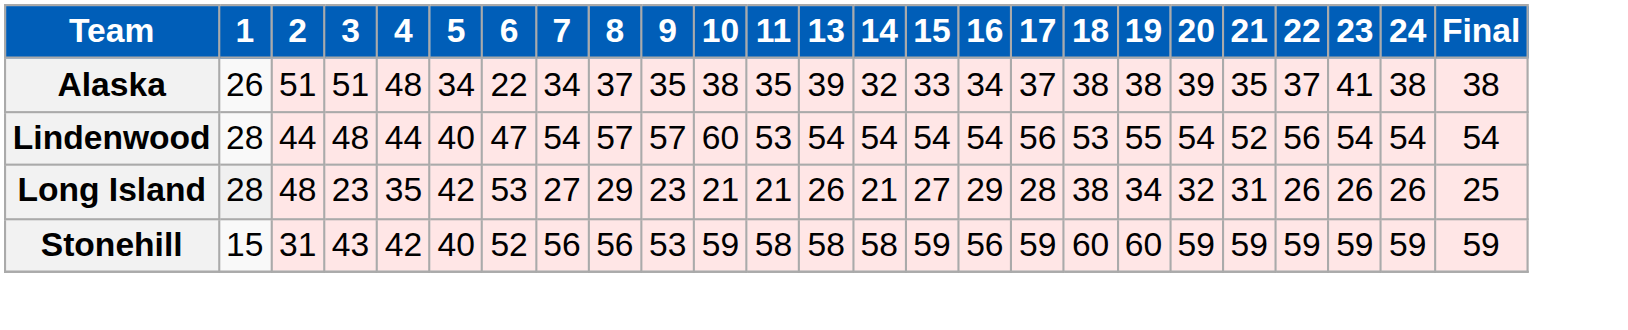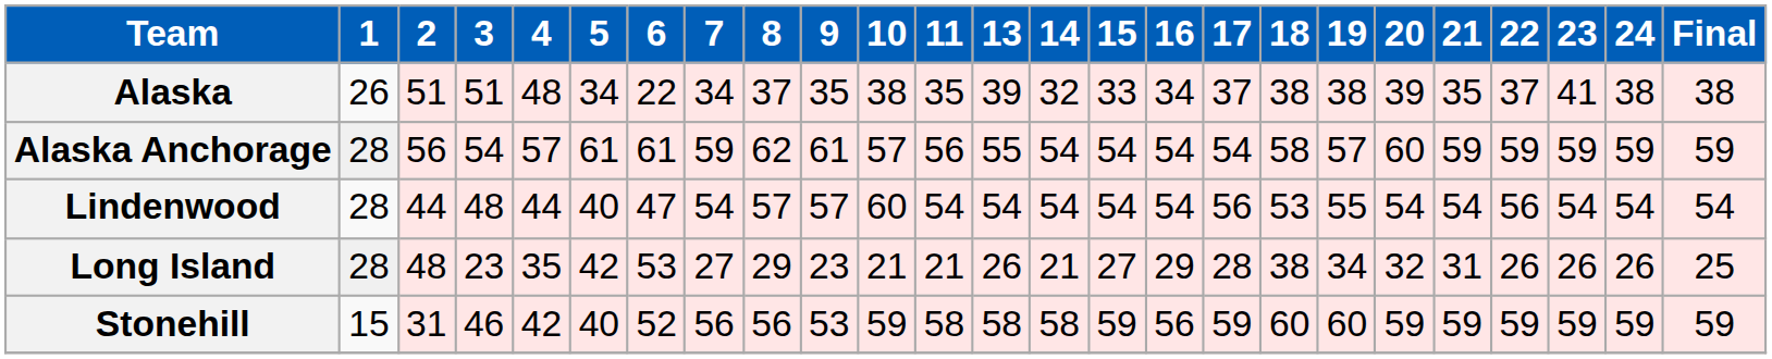 <table class="wikitable sortable" style="text-align: center;">
 <tr>
 <th style="color:white; background:#005EB8">Team</th>
 <th style="color:white; background:#005EB8">1</th>
 <th style="color:white; background:#005EB8">2</th>
 <th style="color:white; background:#005EB8">3</th>
 <th style="color:white; background:#005EB8">4</th>
 <th style="color:white; background:#005EB8">5</th>
 <th style="color:white; background:#005EB8">6</th>
 <th style="color:white; background:#005EB8">7</th>
 <th style="color:white; background:#005EB8">8</th>
 <th style="color:white; background:#005EB8">9</th>
 <th style="color:white; background:#005EB8">10</th>
 <th style="color:white; background:#005EB8">11</th>
 <th style="color:white; background:#005EB8">13</th>
 <th style="color:white; background:#005EB8">14</th>
 <th style="color:white; background:#005EB8">15</th>
 <th style="color:white; background:#005EB8">16</th>
 <th style="color:white; background:#005EB8">17</th>
 <th style="color:white; background:#005EB8">18</th>
 <th style="color:white; background:#005EB8">19</th>
 <th style="color:white; background:#005EB8">20</th>
 <th style="color:white; background:#005EB8">21</th>
 <th style="color:white; background:#005EB8">22</th>
 <th style="color:white; background:#005EB8">23</th>
 <th style="color:white; background:#005EB8">24</th>
 <th style="color:white; background:#005EB8">Final</th>
 </tr>
 <tr>
 <th>Alaska</th>
 <td>26</td>
 <td bgcolor=FFE6E6>51</td>
 <td bgcolor=FFE6E6>51</td>
 <td bgcolor=FFE6E6>48</td>
 <td bgcolor=FFE6E6>34</td>
 <td bgcolor=FFE6E6>22</td>
 <td bgcolor=FFE6E6>34</td>
 <td bgcolor=FFE6E6>37</td>
 <td bgcolor=FFE6E6>35</td>
 <td bgcolor=FFE6E6>38</td>
 <td bgcolor=FFE6E6>35</td>
 <td bgcolor=FFE6E6>39</td>
 <td bgcolor=FFE6E6>32</td>
 <td bgcolor=FFE6E6>33</td>
 <td bgcolor=FFE6E6>34</td>
 <td bgcolor=FFE6E6>37</td>
 <td bgcolor=FFE6E6>38</td>
 <td bgcolor=FFE6E6>38</td>
 <td bgcolor=FFE6E6>39</td>
 <td bgcolor=FFE6E6>35</td>
 <td bgcolor=FFE6E6>37</td>
 <td bgcolor=FFE6E6>41</td>
 <td bgcolor=FFE6E6>38</td>
 <td bgcolor=FFE6E6>38</td>
 </tr>
+<tr bgcolor=f0f0f0>
+<th>Alaska Anchorage</th>
+<td>28</td>
+<td bgcolor=FFE6E6>56</td>
+<td bgcolor=FFE6E6>54</td>
+<td bgcolor=FFE6E6>57</td>
+<td bgcolor=FFE6E6>61</td>
+<td bgcolor=FFE6E6>61</td>
+<td bgcolor=FFE6E6>59</td>
+<td bgcolor=FFE6E6>62</td>
+<td bgcolor=FFE6E6>61</td>
+<td bgcolor=FFE6E6>57</td>
+<td bgcolor=FFE6E6>56</td>
+<td bgcolor=FFE6E6>55</td>
+<td bgcolor=FFE6E6>54</td>
+<td bgcolor=FFE6E6>54</td>
+<td bgcolor=FFE6E6>54</td>
+<td bgcolor=FFE6E6>54</td>
+<td bgcolor=FFE6E6>58</td>
+<td bgcolor=FFE6E6>57</td>
+<td bgcolor=FFE6E6>60</td>
+<td bgcolor=FFE6E6>59</td>
+<td bgcolor=FFE6E6>59</td>
+<td bgcolor=FFE6E6>59</td>
+<td bgcolor=FFE6E6>59</td>
+<td bgcolor=FFE6E6>59</td>
+</tr>
 <tr>
 <th>Lindenwood</th>
 <td>28</td>
 <td bgcolor=FFE6E6>44</td>
 <td bgcolor=FFE6E6>48</td>
 <td bgcolor=FFE6E6>44</td>
 <td bgcolor=FFE6E6>40</td>
 <td bgcolor=FFE6E6>47</td>
 <td bgcolor=FFE6E6>54</td>
 <td bgcolor=FFE6E6>57</td>
 <td bgcolor=FFE6E6>57</td>
 <td bgcolor=FFE6E6>60</td>
-<td bgcolor=FFE6E6>53</td>
+<td bgcolor=FFE6E6>54</td>
 <td bgcolor=FFE6E6>54</td>
 <td bgcolor=FFE6E6>54</td>
 <td bgcolor=FFE6E6>54</td>
 <td bgcolor=FFE6E6>54</td>
 <td bgcolor=FFE6E6>56</td>
 <td bgcolor=FFE6E6>53</td>
 <td bgcolor=FFE6E6>55</td>
 <td bgcolor=FFE6E6>54</td>
-<td bgcolor=FFE6E6>52</td>
+<td bgcolor=FFE6E6>54</td>
 <td bgcolor=FFE6E6>56</td>
 <td bgcolor=FFE6E6>54</td>
 <td bgcolor=FFE6E6>54</td>
 <td bgcolor=FFE6E6>54</td>
 </tr>
 <tr bgcolor=f0f0f0>
 <th>Long Island</th>
 <td>28</td>
 <td bgcolor=FFE6E6>48</td>
 <td bgcolor=FFE6E6>23</td>
 <td bgcolor=FFE6E6>35</td>
 <td bgcolor=FFE6E6>42</td>
 <td bgcolor=FFE6E6>53</td>
 <td bgcolor=FFE6E6>27</td>
 <td bgcolor=FFE6E6>29</td>
 <td bgcolor=FFE6E6>23</td>
 <td bgcolor=FFE6E6>21</td>
 <td bgcolor=FFE6E6>21</td>
 <td bgcolor=FFE6E6>26</td>
 <td bgcolor=FFE6E6>21</td>
 <td bgcolor=FFE6E6>27</td>
 <td bgcolor=FFE6E6>29</td>
 <td bgcolor=FFE6E6>28</td>
 <td bgcolor=FFE6E6>38</td>
 <td bgcolor=FFE6E6>34</td>
 <td bgcolor=FFE6E6>32</td>
 <td bgcolor=FFE6E6>31</td>
 <td bgcolor=FFE6E6>26</td>
 <td bgcolor=FFE6E6>26</td>
 <td bgcolor=FFE6E6>26</td>
 <td bgcolor=FFE6E6>25</td>
 </tr>
 <tr>
 <th>Stonehill</th>
 <td>15</td>
 <td bgcolor=FFE6E6>31</td>
-<td bgcolor=FFE6E6>43</td>
+<td bgcolor=FFE6E6>46</td>
 <td bgcolor=FFE6E6>42</td>
 <td bgcolor=FFE6E6>40</td>
 <td bgcolor=FFE6E6>52</td>
 <td bgcolor=FFE6E6>56</td>
 <td bgcolor=FFE6E6>56</td>
 <td bgcolor=FFE6E6>53</td>
 <td bgcolor=FFE6E6>59</td>
 <td bgcolor=FFE6E6>58</td>
 <td bgcolor=FFE6E6>58</td>
 <td bgcolor=FFE6E6>58</td>
 <td bgcolor=FFE6E6>59</td>
 <td bgcolor=FFE6E6>56</td>
 <td bgcolor=FFE6E6>59</td>
 <td bgcolor=FFE6E6>60</td>
 <td bgcolor=FFE6E6>60</td>
 <td bgcolor=FFE6E6>59</td>
 <td bgcolor=FFE6E6>59</td>
 <td bgcolor=FFE6E6>59</td>
 <td bgcolor=FFE6E6>59</td>
 <td bgcolor=FFE6E6>59</td>
 <td bgcolor=FFE6E6>59</td>
 </tr>
 <tr>
 </tr>
 </table>
